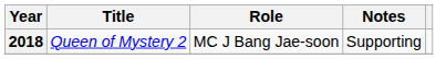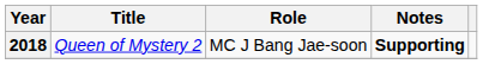 <table class="wikitable sortable plainrowheaders">
 <tr>
 <th scope="col">Year</th>
 <th scope="col">Title</th>
 <th scope="col">Role</th>
 <th scope="col">Notes</th>
 <th scope="col" class="unsortable"></th>
 </tr>
 <tr>
 <th scope="row">2018</th>
 <td><em><a href='#'>Queen of Mystery 2</a></em></td>
 <td>MC J Bang Jae-soon</td>
-<td>Supporting</td>
+<td><strong>Supporting</strong></td>
 <td></td>
 </tr>
 <tr>
 </tr>
 </table>
